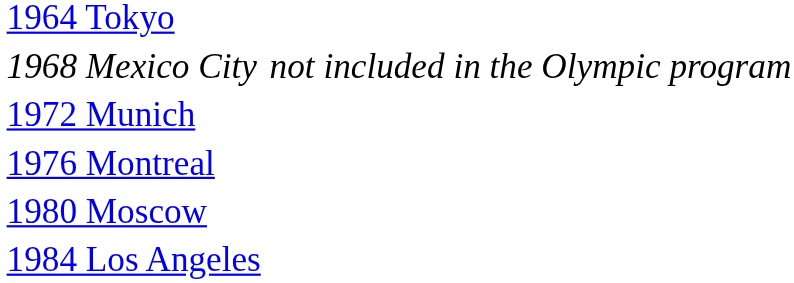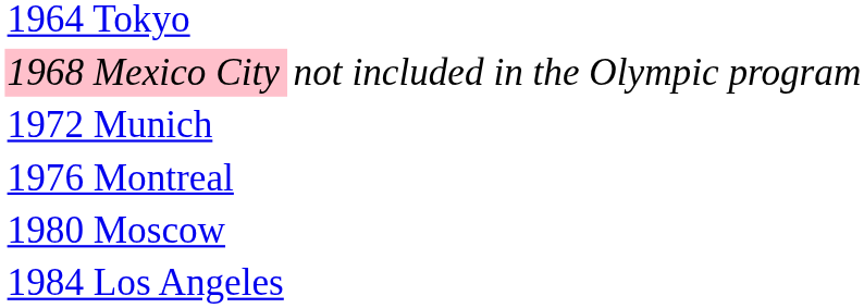 <table>
 <tr valign="top">
 <td rowspan=2><a href='#'>1964 Tokyo</a><br></td>
 <td rowspan=2></td>
 <td rowspan=2></td>
 <td></td>
 </tr>
 <tr>
 <td></td>
 </tr>
 <tr>
-<td><em>1968 Mexico City</em></td>
+<td style="background: pink;"><em>1968 Mexico City</em></td>
 <td colspan=3 align=center><em>not included in the Olympic program</em></td>
 </tr>
 <tr valign="top">
 <td rowspan=2><a href='#'>1972 Munich</a><br></td>
 <td rowspan=2></td>
 <td rowspan=2></td>
 <td></td>
 </tr>
 <tr>
 <td></td>
 </tr>
 <tr valign="top">
 <td rowspan=2><a href='#'>1976 Montreal</a><br></td>
 <td rowspan=2></td>
 <td rowspan=2></td>
 <td></td>
 </tr>
 <tr>
 <td></td>
 </tr>
 <tr valign="top">
 <td rowspan=2><a href='#'>1980 Moscow</a><br></td>
 <td rowspan=2></td>
 <td rowspan=2></td>
 <td></td>
 </tr>
 <tr>
 <td></td>
 </tr>
 <tr valign="top">
 <td rowspan=2><a href='#'>1984 Los Angeles</a><br></td>
 <td rowspan=2></td>
 <td rowspan=2></td>
 <td></td>
 </tr>
 <tr>
 <td></td>
 </tr>
 </table>
